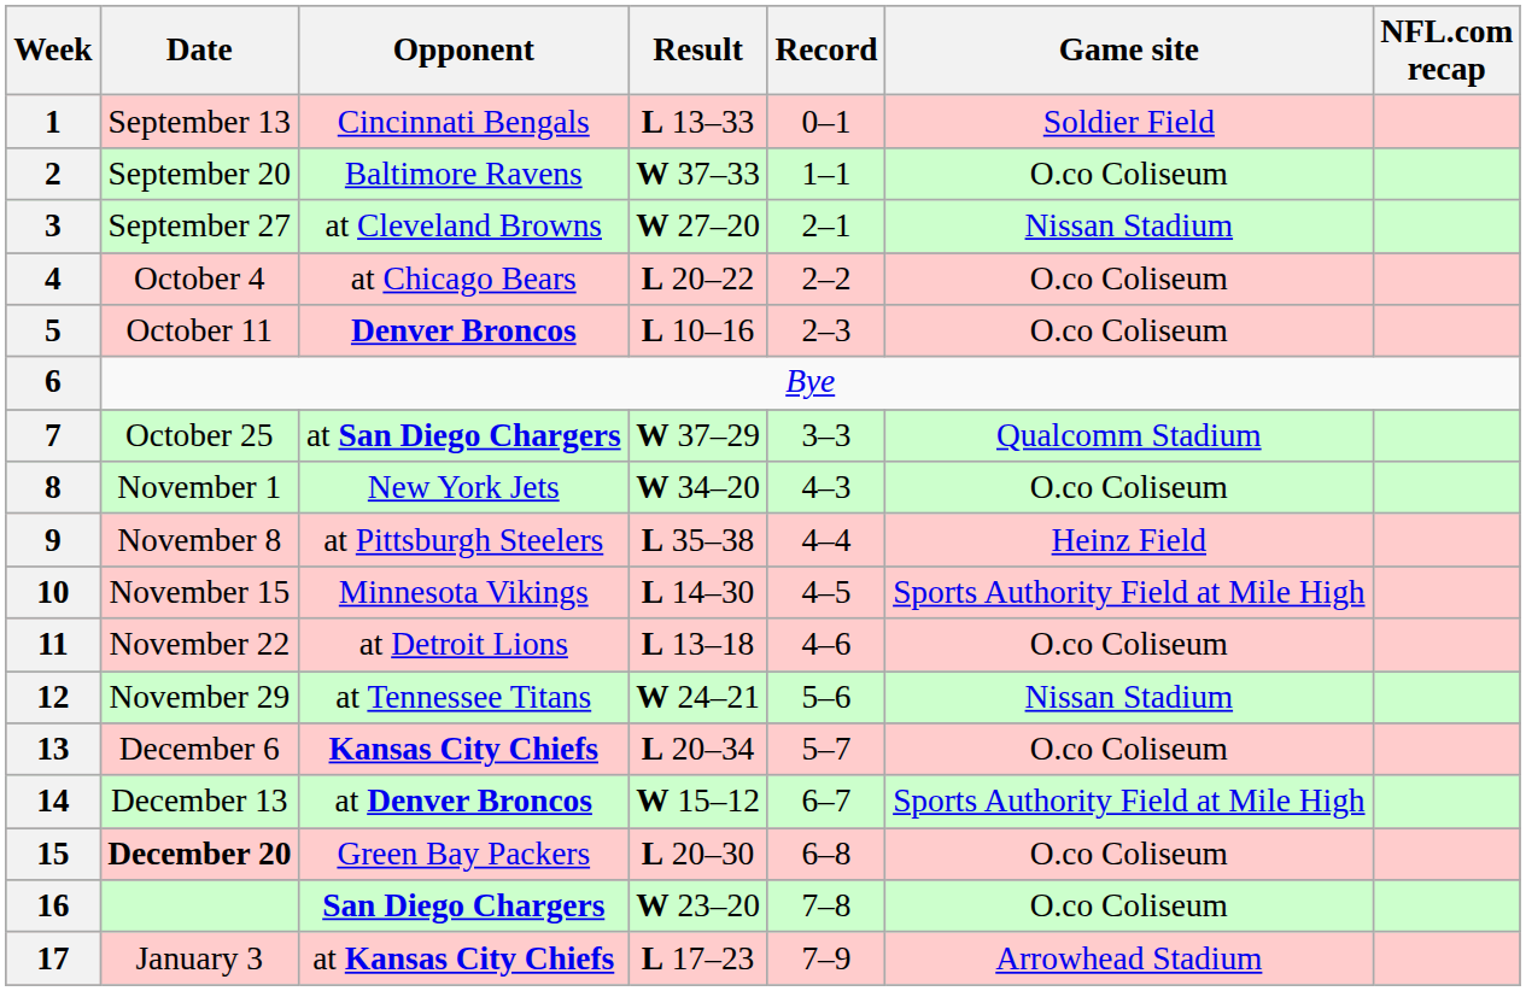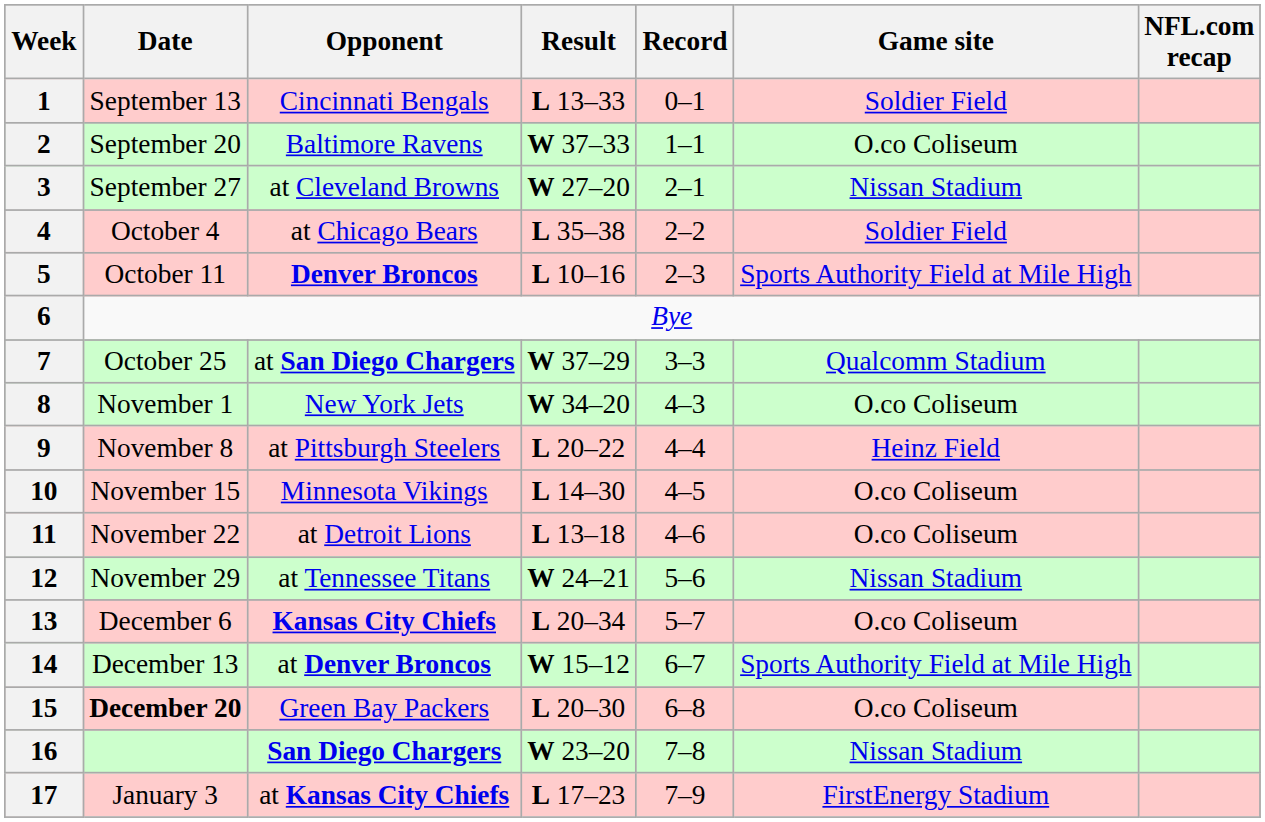 <table class="wikitable" style="text-align:center">
 <tr>
 <th +>Week</th>
 <th +>Date</th>
 <th +>Opponent</th>
 <th +>Result</th>
 <th +>Record</th>
 <th +>Game site</th>
 <th +>NFL.com<br>recap</th>
 </tr>
 <tr style="background:#fcc">
 <th>1</th>
 <td>September 13</td>
 <td><a href='#'>Cincinnati Bengals</a></td>
 <td><strong>L</strong> 13–33</td>
 <td>0–1</td>
 <td><a href='#'>Soldier Field</a></td>
 <td></td>
 </tr>
 <tr style="background:#cfc">
 <th>2</th>
 <td>September 20</td>
 <td><a href='#'>Baltimore Ravens</a></td>
 <td><strong>W</strong> 37–33</td>
 <td>1–1</td>
 <td>O.co Coliseum</td>
 <td></td>
 </tr>
 <tr style="background:#cfc">
 <th>3</th>
 <td>September 27</td>
 <td>at <a href='#'>Cleveland Browns</a></td>
 <td><strong>W</strong> 27–20</td>
 <td>2–1</td>
 <td><a href='#'>Nissan Stadium</a></td>
 <td></td>
 </tr>
 <tr style="background:#fcc">
 <th>4</th>
 <td>October 4</td>
 <td>at <a href='#'>Chicago Bears</a></td>
-<td><strong>L</strong> 20–22</td>
+<td><strong>L</strong> 35–38</td>
 <td>2–2</td>
-<td>O.co Coliseum</td>
+<td><a href='#'>Soldier Field</a></td>
 <td></td>
 </tr>
 <tr style="background:#fcc">
 <th>5</th>
 <td>October 11</td>
 <td><strong><a href='#'>Denver Broncos</a></strong></td>
 <td><strong>L</strong> 10–16</td>
 <td>2–3</td>
-<td>O.co Coliseum</td>
+<td><a href='#'>Sports Authority Field at Mile High</a></td>
 <td></td>
 </tr>
 <tr>
 <th>6</th>
 <td colspan=8><em><a href='#'>Bye</a></em></td>
 </tr>
 <tr style="background:#cfc">
 <th>7</th>
 <td>October 25</td>
 <td>at <strong><a href='#'>San Diego Chargers</a></strong></td>
 <td><strong>W</strong> 37–29</td>
 <td>3–3</td>
 <td><a href='#'>Qualcomm Stadium</a></td>
 <td></td>
 </tr>
 <tr style="background:#cfc">
 <th>8</th>
 <td>November 1</td>
 <td><a href='#'>New York Jets</a></td>
 <td><strong>W</strong> 34–20</td>
 <td>4–3</td>
 <td>O.co Coliseum</td>
 <td></td>
 </tr>
 <tr style="background:#fcc">
 <th>9</th>
 <td>November 8</td>
 <td>at <a href='#'>Pittsburgh Steelers</a></td>
-<td><strong>L</strong> 35–38</td>
+<td><strong>L</strong> 20–22</td>
 <td>4–4</td>
 <td><a href='#'>Heinz Field</a></td>
 <td></td>
 </tr>
 <tr style="background:#fcc">
 <th>10</th>
 <td>November 15</td>
 <td><a href='#'>Minnesota Vikings</a></td>
 <td><strong>L</strong> 14–30</td>
 <td>4–5</td>
-<td><a href='#'>Sports Authority Field at Mile High</a></td>
+<td>O.co Coliseum</td>
 <td></td>
 </tr>
 <tr style="background:#fcc">
 <th>11</th>
 <td>November 22</td>
 <td>at <a href='#'>Detroit Lions</a></td>
 <td><strong>L</strong> 13–18</td>
 <td>4–6</td>
 <td>O.co Coliseum</td>
 <td></td>
 </tr>
 <tr style="background:#cfc">
 <th>12</th>
 <td>November 29</td>
 <td>at <a href='#'>Tennessee Titans</a></td>
 <td><strong>W</strong> 24–21</td>
 <td>5–6</td>
 <td><a href='#'>Nissan Stadium</a></td>
 <td></td>
 </tr>
 <tr style="background:#fcc">
 <th>13</th>
 <td>December 6</td>
 <td><strong><a href='#'>Kansas City Chiefs</a></strong></td>
 <td><strong>L</strong> 20–34</td>
 <td>5–7</td>
 <td>O.co Coliseum</td>
 <td></td>
 </tr>
 <tr style="background:#cfc">
 <th>14</th>
 <td>December 13</td>
 <td>at <strong><a href='#'>Denver Broncos</a></strong></td>
 <td><strong>W</strong> 15–12</td>
 <td>6–7</td>
 <td><a href='#'>Sports Authority Field at Mile High</a></td>
 <td></td>
 </tr>
 <tr style="background:#fcc">
 <th>15</th>
 <td><strong>December 20</strong></td>
 <td><a href='#'>Green Bay Packers</a></td>
 <td><strong>L</strong> 20–30</td>
 <td>6–8</td>
 <td>O.co Coliseum</td>
 <td></td>
 </tr>
 <tr style="background:#cfc">
 <th>16</th>
 <td></td>
 <td><strong><a href='#'>San Diego Chargers</a></strong></td>
 <td><strong>W</strong> 23–20 </td>
 <td>7–8</td>
-<td>O.co Coliseum</td>
+<td><a href='#'>Nissan Stadium</a></td>
 <td></td>
 </tr>
 <tr style="background:#fcc">
 <th>17</th>
 <td>January 3</td>
 <td>at <strong><a href='#'>Kansas City Chiefs</a></strong></td>
 <td><strong>L</strong> 17–23</td>
 <td>7–9</td>
-<td><a href='#'>Arrowhead Stadium</a></td>
+<td><a href='#'>FirstEnergy Stadium</a></td>
 <td></td>
 </tr>
 </table>
